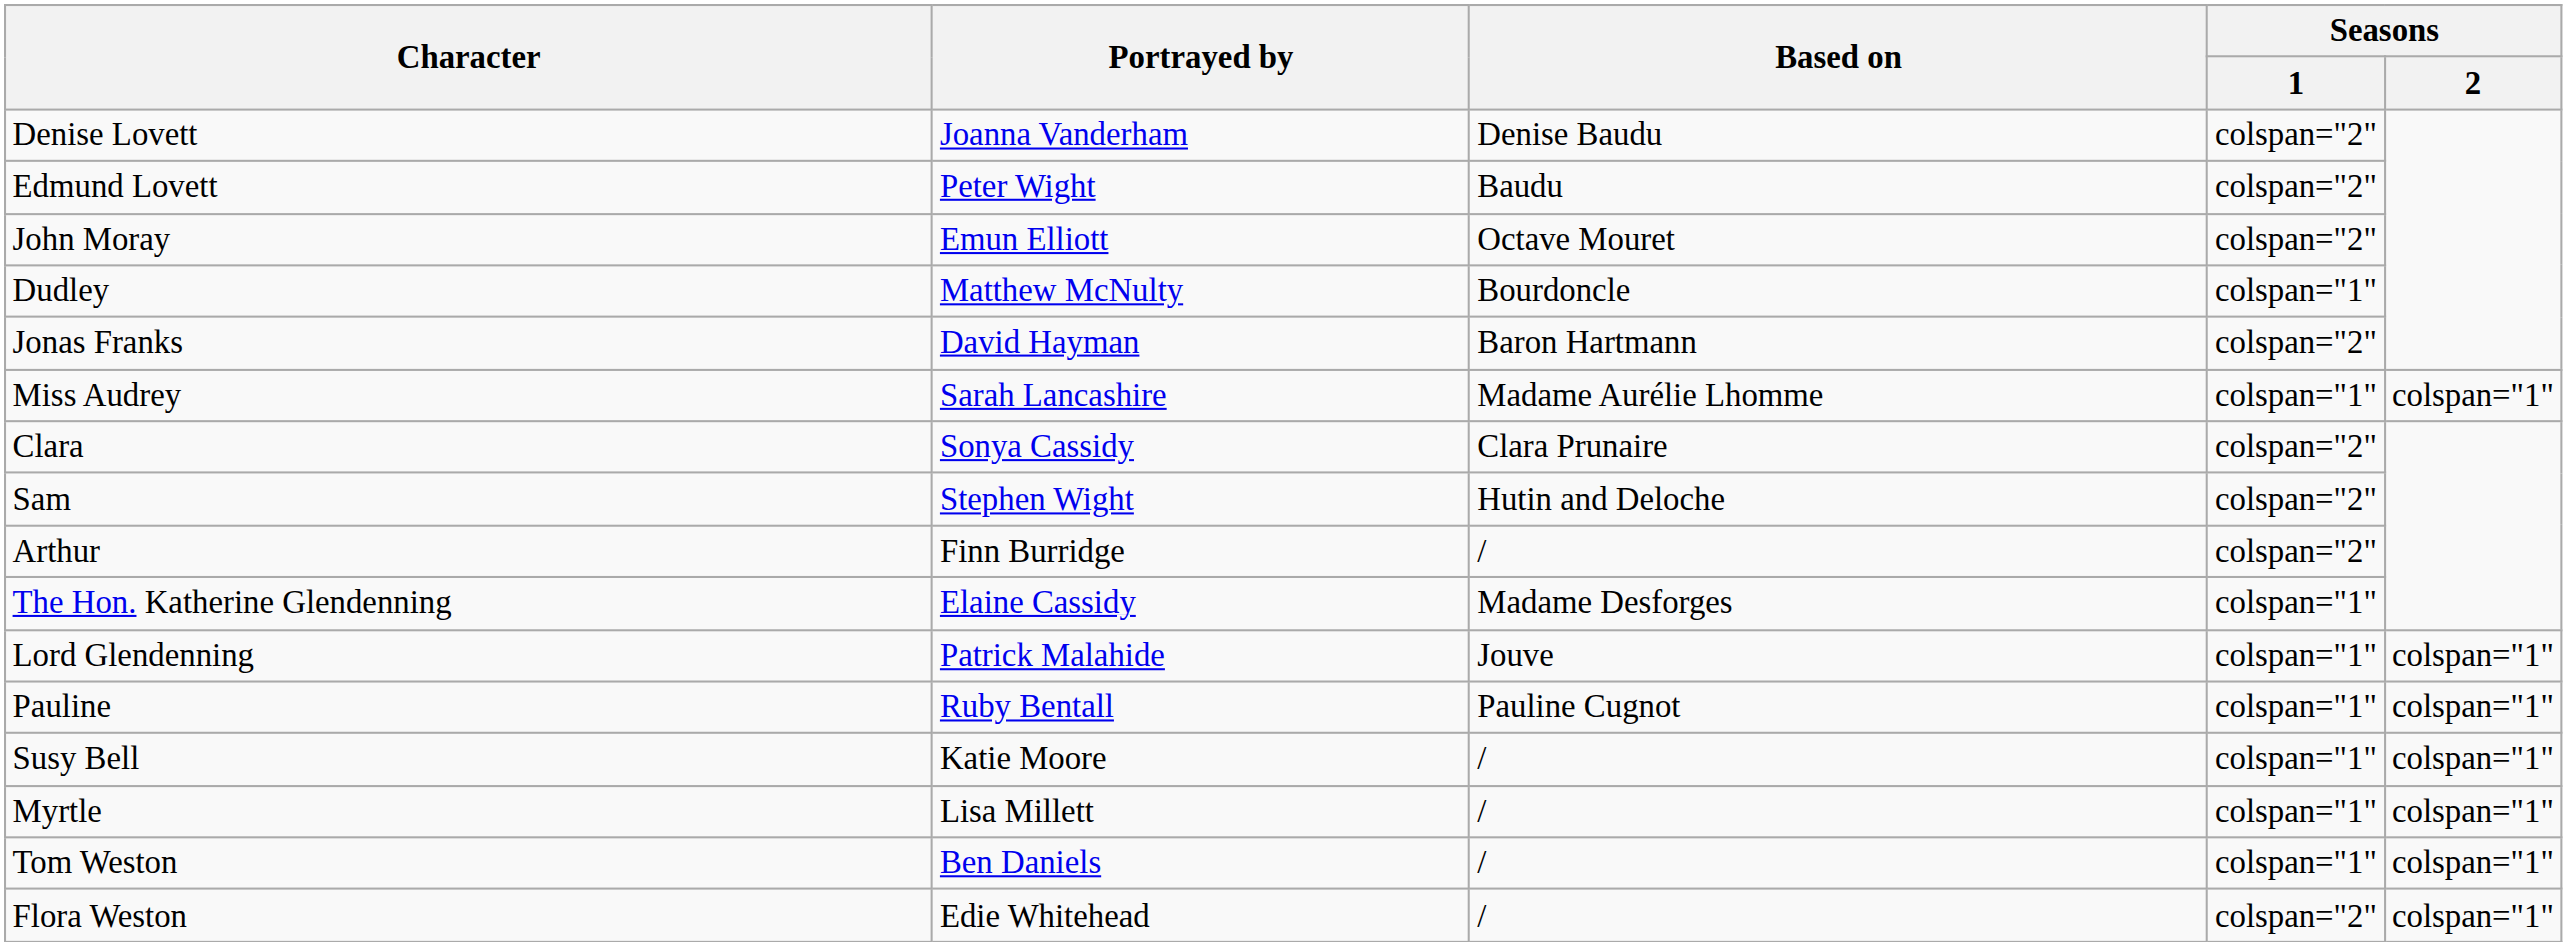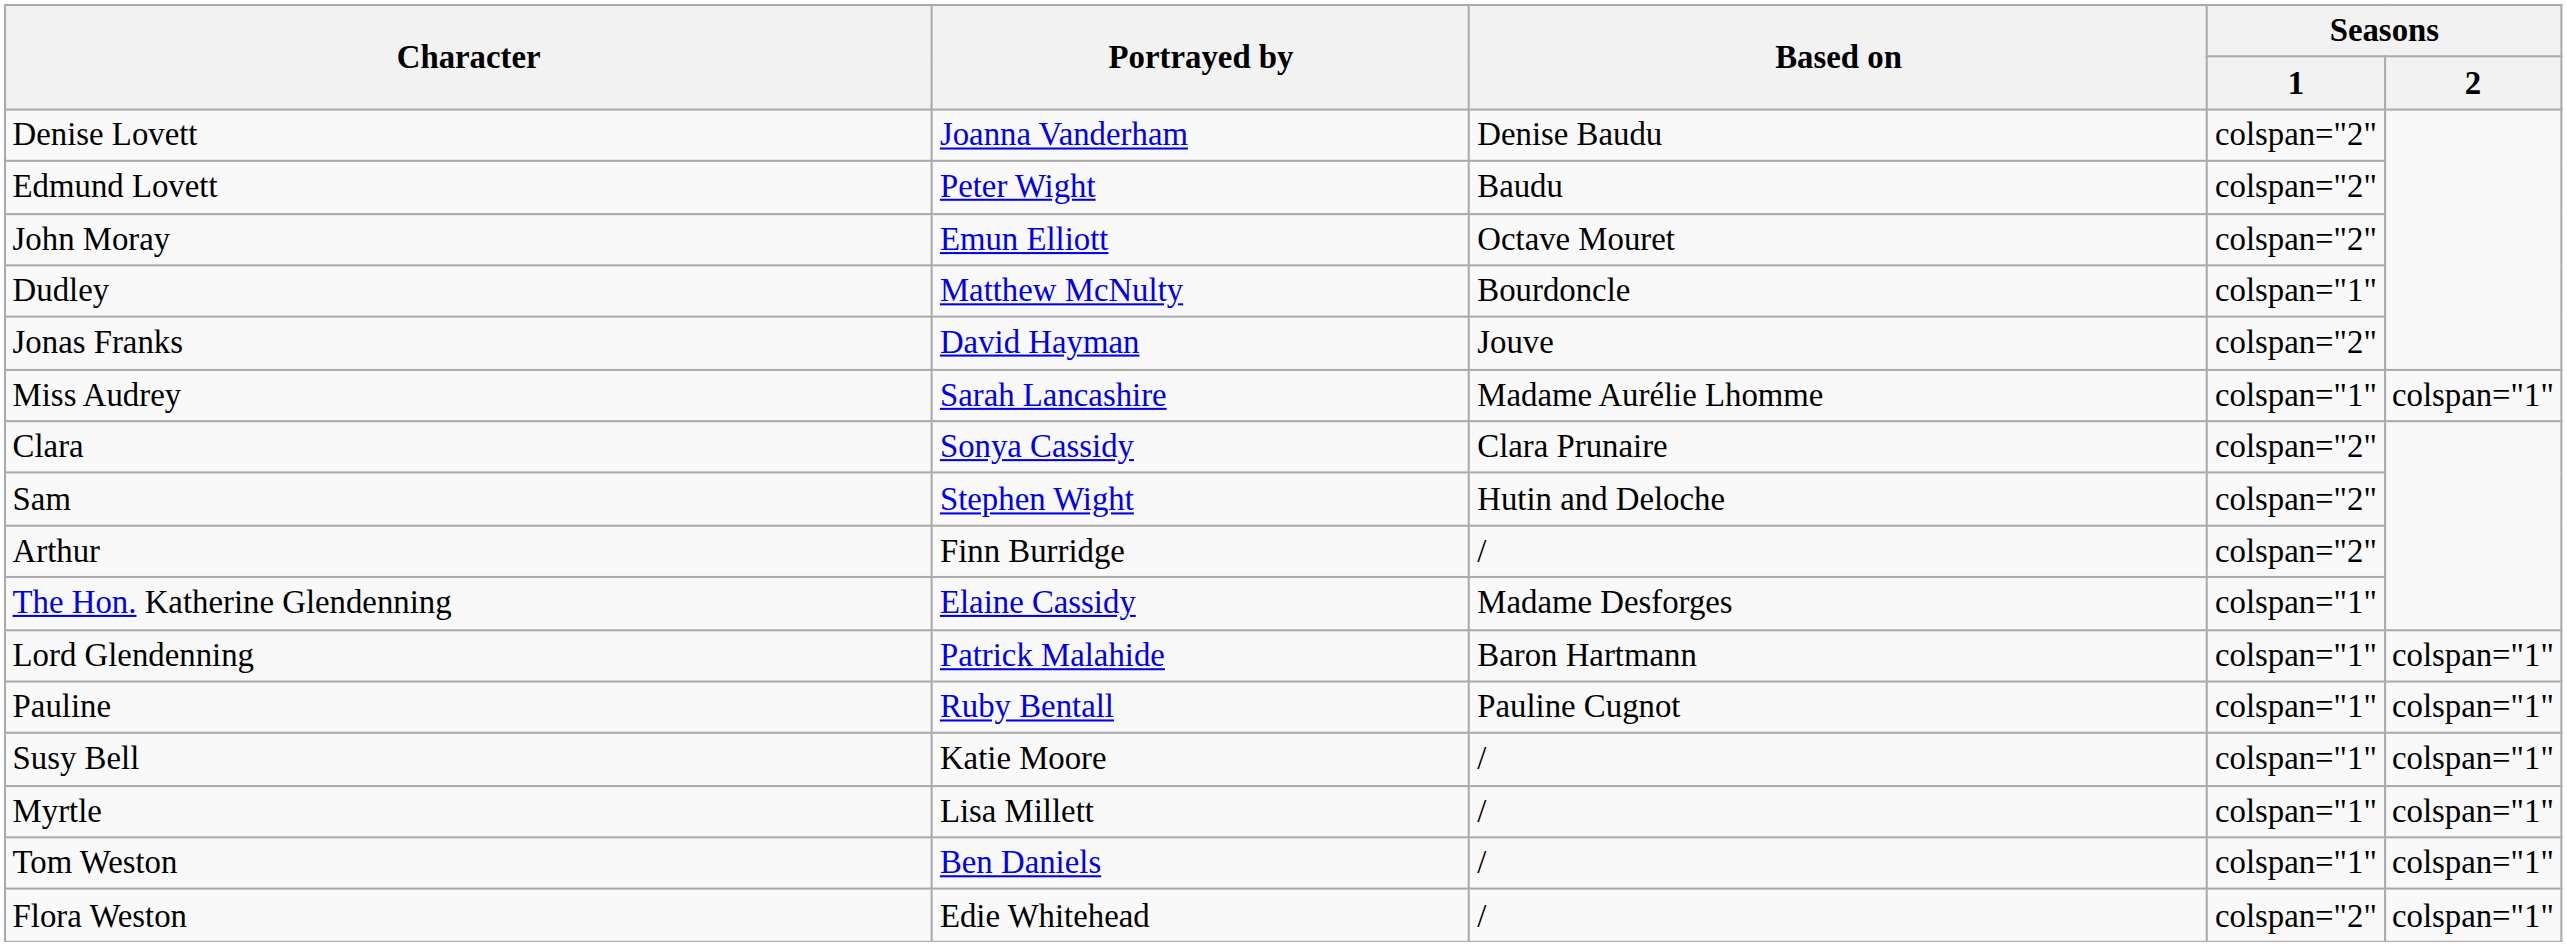 <table class="wikitable">
 <tr>
 <th rowspan="2">Character</th>
 <th rowspan="2">Portrayed by</th>
 <th rowspan="2">Based on</th>
 <th colspan="2">Seasons</th>
 </tr>
 <tr>
 <th width="5%">1</th>
 <th width="5%">2</th>
 </tr>
 <tr>
 <td>Denise Lovett</td>
 <td><a href='#'>Joanna Vanderham</a></td>
 <td>Denise Baudu</td>
 <td>colspan="2" </td>
 </tr>
 <tr>
 <td>Edmund Lovett</td>
 <td><a href='#'>Peter Wight</a></td>
 <td>Baudu</td>
 <td>colspan="2" </td>
 </tr>
 <tr>
 <td>John Moray</td>
 <td><a href='#'>Emun Elliott</a></td>
 <td>Octave Mouret</td>
 <td>colspan="2" </td>
 </tr>
 <tr>
 <td>Dudley</td>
 <td><a href='#'>Matthew McNulty</a></td>
 <td>Bourdoncle</td>
 <td>colspan="1" </td>
 </tr>
 <tr>
 <td>Jonas Franks</td>
 <td><a href='#'>David Hayman</a></td>
-<td>Baron Hartmann</td>
+<td>Jouve</td>
 <td>colspan="2" </td>
 </tr>
 <tr>
 <td>Miss Audrey</td>
 <td><a href='#'>Sarah Lancashire</a></td>
 <td>Madame Aurélie Lhomme</td>
 <td>colspan="1" </td>
 <td>colspan="1" </td>
 </tr>
 <tr>
 <td>Clara</td>
 <td><a href='#'>Sonya Cassidy</a></td>
 <td>Clara Prunaire</td>
 <td>colspan="2" </td>
 </tr>
 <tr>
 <td>Sam</td>
 <td><a href='#'>Stephen Wight</a></td>
 <td>Hutin and Deloche</td>
 <td>colspan="2" </td>
 </tr>
 <tr>
 <td>Arthur</td>
 <td>Finn Burridge</td>
 <td>/</td>
 <td>colspan="2" </td>
 </tr>
 <tr>
 <td><a href='#'>The Hon.</a> Katherine Glendenning</td>
 <td><a href='#'>Elaine Cassidy</a></td>
 <td>Madame Desforges</td>
 <td>colspan="1" </td>
 </tr>
 <tr>
 <td>Lord Glendenning</td>
 <td><a href='#'>Patrick Malahide</a></td>
-<td>Jouve</td>
+<td>Baron Hartmann</td>
 <td>colspan="1" </td>
 <td>colspan="1" </td>
 </tr>
 <tr>
 <td>Pauline</td>
 <td><a href='#'>Ruby Bentall</a></td>
 <td>Pauline Cugnot</td>
 <td>colspan="1" </td>
 <td>colspan="1" </td>
 </tr>
 <tr>
 <td>Susy Bell</td>
 <td>Katie Moore</td>
 <td>/</td>
 <td>colspan="1" </td>
 <td>colspan="1" </td>
 </tr>
 <tr>
 <td>Myrtle</td>
 <td>Lisa Millett</td>
 <td>/</td>
 <td>colspan="1" </td>
 <td>colspan="1" </td>
 </tr>
 <tr>
 <td>Tom Weston</td>
 <td><a href='#'>Ben Daniels</a></td>
 <td>/</td>
 <td>colspan="1" </td>
 <td>colspan="1" </td>
 </tr>
 <tr>
 <td>Flora Weston</td>
 <td>Edie Whitehead</td>
 <td>/</td>
 <td>colspan="2" </td>
 <td>colspan="1" </td>
 </tr>
 </table>
